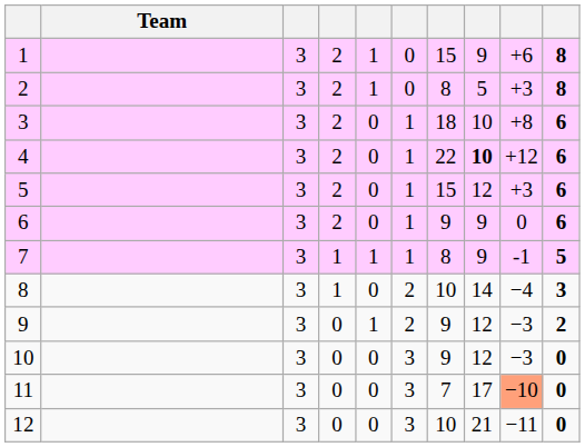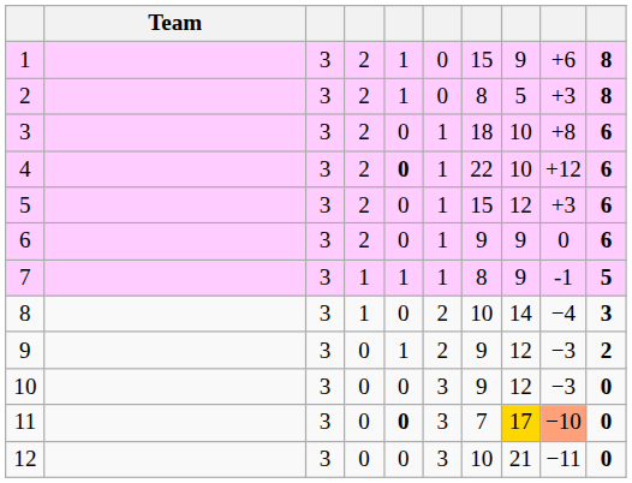 <table class="wikitable" style="text-align: center;">
 <tr>
 <th width="20"></th>
 <th style="width:175px;">Team</th>
 <th width="20"></th>
 <th width="20"></th>
 <th width="20"></th>
 <th width="20"></th>
 <th width="20"></th>
 <th width="20"></th>
 <th width="20"></th>
 <th width="20"></th>
 </tr>
 <tr style="background:#fcf;">
 <td>1</td>
 <td align=left></td>
 <td>3</td>
 <td>2</td>
 <td>1</td>
 <td>0</td>
 <td>15</td>
 <td>9</td>
 <td>+6</td>
 <td><strong>8</strong></td>
 </tr>
 <tr style="background:#fcf;">
 <td>2</td>
 <td align=left></td>
 <td>3</td>
 <td>2</td>
 <td>1</td>
 <td>0</td>
 <td>8</td>
 <td>5</td>
 <td>+3</td>
 <td><strong>8</strong></td>
 </tr>
 <tr style="background:#fcf;">
 <td>3</td>
 <td align=left></td>
 <td>3</td>
 <td>2</td>
 <td>0</td>
 <td>1</td>
 <td>18</td>
 <td>10</td>
 <td>+8</td>
 <td><strong>6</strong></td>
 </tr>
 <tr style="background:#fcf;">
 <td>4</td>
 <td align=left></td>
 <td>3</td>
 <td>2</td>
-<td>0</td>
+<td><strong>0</strong></td>
 <td>1</td>
 <td>22</td>
-<td><strong>10</strong></td>
+<td>10</td>
 <td>+12</td>
 <td><strong>6</strong></td>
 </tr>
 <tr style="background:#fcf;">
 <td>5</td>
 <td align=left></td>
 <td>3</td>
 <td>2</td>
 <td>0</td>
 <td>1</td>
 <td>15</td>
 <td>12</td>
 <td>+3</td>
 <td><strong>6</strong></td>
 </tr>
 <tr style="background:#fcf;">
 <td>6</td>
 <td align=left></td>
 <td>3</td>
 <td>2</td>
 <td>0</td>
 <td>1</td>
 <td>9</td>
 <td>9</td>
 <td>0</td>
 <td><strong>6</strong></td>
 </tr>
 <tr style="background:#fcf;">
 <td>7</td>
 <td align=left></td>
 <td>3</td>
 <td>1</td>
 <td>1</td>
 <td>1</td>
 <td>8</td>
 <td>9</td>
 <td>-1</td>
 <td><strong>5</strong></td>
 </tr>
 <tr>
 <td>8</td>
 <td align=left></td>
 <td>3</td>
 <td>1</td>
 <td>0</td>
 <td>2</td>
 <td>10</td>
 <td>14</td>
 <td>−4</td>
 <td><strong>3</strong></td>
 </tr>
 <tr>
 <td>9</td>
 <td align=left></td>
 <td>3</td>
 <td>0</td>
 <td>1</td>
 <td>2</td>
 <td>9</td>
 <td>12</td>
 <td>−3</td>
 <td><strong>2</strong></td>
 </tr>
 <tr>
 <td>10</td>
 <td align=left></td>
 <td>3</td>
 <td>0</td>
 <td>0</td>
 <td>3</td>
 <td>9</td>
 <td>12</td>
 <td>−3</td>
 <td><strong>0</strong></td>
 </tr>
 <tr>
 <td>11</td>
 <td align=left></td>
 <td>3</td>
 <td>0</td>
-<td>0</td>
+<td><strong>0</strong></td>
 <td>3</td>
 <td>7</td>
-<td>17</td>
+<td style="background: gold;">17</td>
 <td style="background: lightsalmon;">−10</td>
 <td><strong>0</strong></td>
 </tr>
 <tr>
 <td>12</td>
 <td align=left></td>
 <td>3</td>
 <td>0</td>
 <td>0</td>
 <td>3</td>
 <td>10</td>
 <td>21</td>
 <td>−11</td>
 <td><strong>0</strong></td>
 </tr>
 </table>
